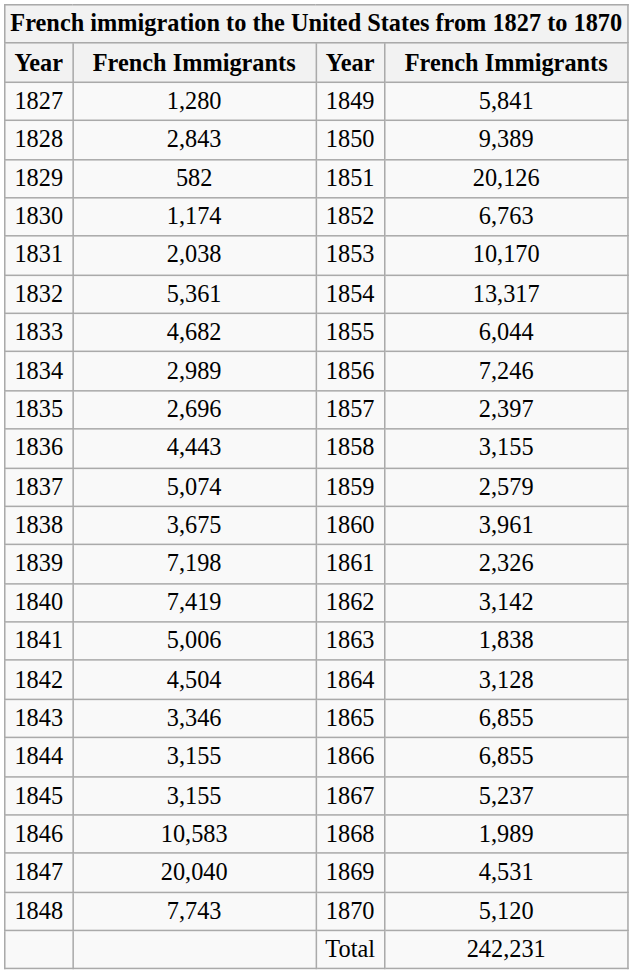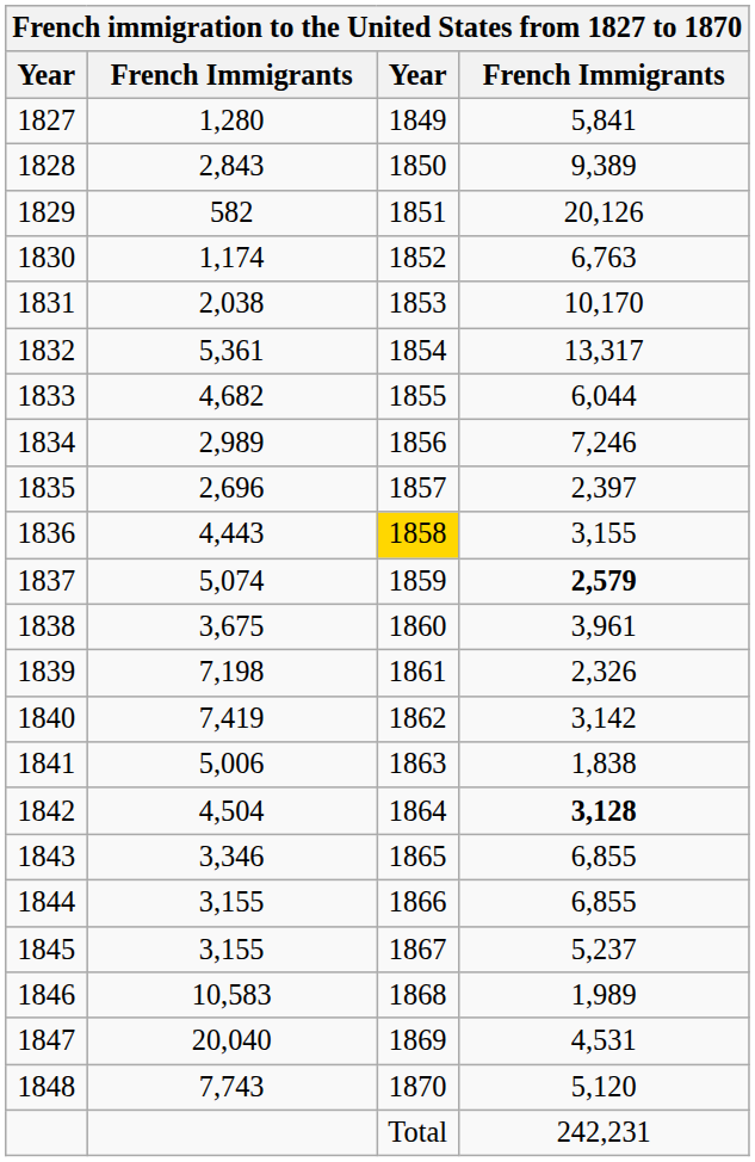 <table class="wikitable" style="text-align:center">
 <tr bgcolor="#E3E3E3">
 <th colspan="6" bgcolor="#E3E3E3">French immigration to the United States from 1827 to 1870</th>
 </tr>
 <tr bgcolor="#E3E3E3">
 <th>Year</th>
 <th>French Immigrants</th>
 <th>Year</th>
 <th>French Immigrants</th>
 </tr>
 <tr>
 <td align="center">1827</td>
 <td align="center">1,280</td>
 <td align="center">1849</td>
 <td align="center">5,841</td>
 </tr>
 <tr>
 <td align="center">1828</td>
 <td align="center">2,843</td>
 <td align="center">1850</td>
 <td align="center">9,389</td>
 </tr>
 <tr>
 <td align="center">1829</td>
 <td align="center">582</td>
 <td align="center">1851</td>
 <td align="center">20,126</td>
 </tr>
 <tr>
 <td align="center">1830</td>
 <td align="center">1,174</td>
 <td align="center">1852</td>
 <td align="center">6,763</td>
 </tr>
 <tr>
 <td align="center">1831</td>
 <td align="center">2,038</td>
 <td align="center">1853</td>
 <td align="center">10,170</td>
 </tr>
 <tr>
 <td align="center">1832</td>
 <td align="center">5,361</td>
 <td align="center">1854</td>
 <td align="center">13,317</td>
 </tr>
 <tr>
 <td align="center">1833</td>
 <td align="center">4,682</td>
 <td align="center">1855</td>
 <td align="center">6,044</td>
 </tr>
 <tr>
 <td align="center">1834</td>
 <td align="center">2,989</td>
 <td align="center">1856</td>
 <td align="center">7,246</td>
 </tr>
 <tr>
 <td align="center">1835</td>
 <td align="center">2,696</td>
 <td align="center">1857</td>
 <td align="center">2,397</td>
 </tr>
 <tr>
 <td align="center">1836</td>
 <td align="center">4,443</td>
-<td align="center">1858</td>
+<td align="center" style="background: gold;">1858</td>
 <td align="center">3,155</td>
 </tr>
 <tr>
 <td align="center">1837</td>
 <td align="center">5,074</td>
 <td align="center">1859</td>
-<td align="center">2,579</td>
+<td align="center"><strong>2,579</strong></td>
 </tr>
 <tr>
 <td align="center">1838</td>
 <td align="center">3,675</td>
 <td align="center">1860</td>
 <td align="center">3,961</td>
 </tr>
 <tr>
 <td align="center">1839</td>
 <td align="center">7,198</td>
 <td align="center">1861</td>
 <td align="center">2,326</td>
 </tr>
 <tr>
 <td align="center">1840</td>
 <td align="center">7,419</td>
 <td align="center">1862</td>
 <td align="center">3,142</td>
 </tr>
 <tr>
 <td align="center">1841</td>
 <td align="center">5,006</td>
 <td align="center">1863</td>
 <td align="center">1,838</td>
 </tr>
 <tr>
 <td align="center">1842</td>
 <td align="center">4,504</td>
 <td align="center">1864</td>
-<td align="center">3,128</td>
+<td align="center"><strong>3,128</strong></td>
 </tr>
 <tr>
 <td align="center">1843</td>
 <td align="center">3,346</td>
 <td align="center">1865</td>
 <td align="center">6,855</td>
 </tr>
 <tr>
 <td align="center">1844</td>
 <td align="center">3,155</td>
 <td align="center">1866</td>
 <td align="center">6,855</td>
 </tr>
 <tr>
 <td align="center">1845</td>
 <td align="center">3,155</td>
 <td align="center">1867</td>
 <td align="center">5,237</td>
 </tr>
 <tr>
 <td align="center">1846</td>
 <td align="center">10,583</td>
 <td align="center">1868</td>
 <td align="center">1,989</td>
 </tr>
 <tr>
 <td align="center">1847</td>
 <td align="center">20,040</td>
 <td align="center">1869</td>
 <td align="center">4,531</td>
 </tr>
 <tr>
 <td align="center">1848</td>
 <td align="center">7,743</td>
 <td align="center">1870</td>
 <td align="center">5,120</td>
 </tr>
 <tr>
 <td align="center"></td>
 <td align="center"></td>
 <td align="center">Total</td>
 <td align="center">242,231</td>
 </tr>
 </table>
